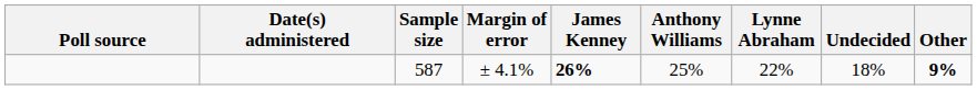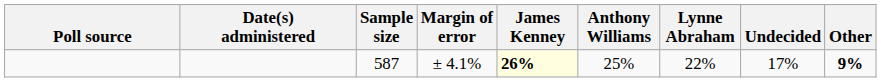 <table class="wikitable">
 <tr valign= bottom>
 <th style="width:160px;">Poll source</th>
 <th style="width:160px;">Date(s)<br>administered</th>
 <th class=small>Sample<br>size</th>
 <th class=small>Margin of<br>error</th>
 <th style="width:70px;">James<br>Kenney</th>
 <th style="width:70px;">Anthony<br>Williams</th>
 <th style="width:70px;">Lynne <br>Abraham</th>
 <th style="width:40px;">Undecided</th>
 <th style="width:40px;">Other</th>
 </tr>
 <tr>
 <td rowspan=2></td>
 <td style="text-align:center;" rowspan="2"></td>
 <td style="text-align:center;" rowspan="2">587</td>
 <td style="text-align:center;" rowspan="2">± 4.1%</td>
-<td><strong>26%</strong></td>
+<td style="background: lightyellow;"><strong>26%</strong></td>
 <td style="text-align:center;">25%</td>
 <td align=center>22%</td>
-<td align=center>18%</td>
+<td align=center>17%</td>
 <td align=center><strong>9%</strong></td>
 </tr>
 </table>
